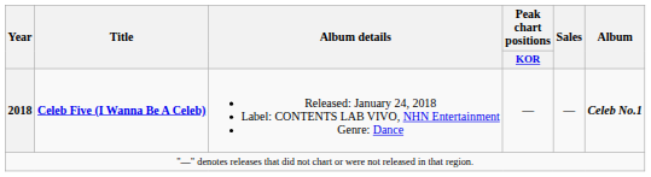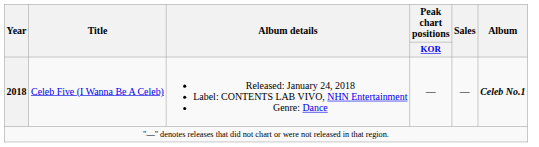 <table class="wikitable plainrowheaders" style="text-align:center">
 <tr>
 <th scope="col" rowspan="2">Year</th>
 <th scope="col" rowspan="2">Title</th>
 <th scope="col" rowspan="2">Album details</th>
 <th scope="col" colspan="1">Peak chart<br>positions</th>
 <th scope="col" rowspan="2">Sales</th>
 <th scope="col" rowspan="2">Album</th>
 </tr>
 <tr>
 <th scope="col" style="width:3em;font-size:90%;"><a href='#'>KOR</a><br></th>
 </tr>
 <tr>
 <th>2018</th>
-<td align="left"><strong><a href='#'>Celeb Five (I Wanna Be A Celeb)</a><br></strong></td>
+<td align="left"><a href='#'>Celeb Five (I Wanna Be A Celeb)</a><br></td>
 <td><br><ul><li>Released: January 24, 2018</li><li>Label: CONTENTS LAB VIVO, <a href='#'>NHN Entertainment</a></li><li>Genre: <a href='#'>Dance</a></li></ul></td>
 <td>—</td>
 <td>—</td>
 <td><strong><em>Celeb No.1</em></strong></td>
 </tr>
 <tr>
 <td colspan="6"><small>"—" denotes releases that did not chart or were not released in that region.</small></td>
 </tr>
 </table>
